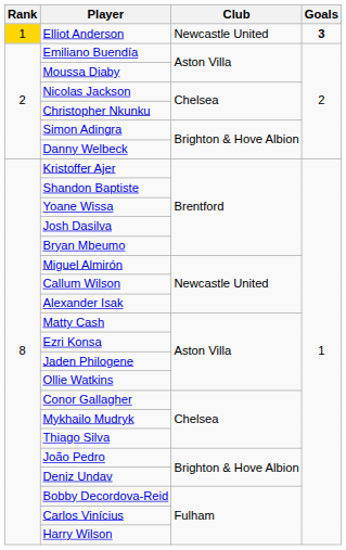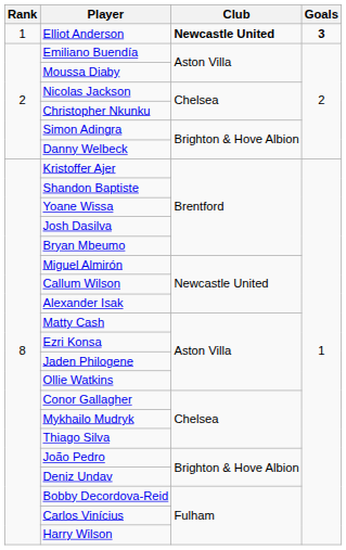 <table class="wikitable" style="text-align:center">
 <tr>
 <th>Rank</th>
 <th>Player</th>
 <th>Club</th>
 <th>Goals</th>
 </tr>
 <tr>
-<td style="background: gold;">1</td>
+<td>1</td>
 <td align="left"> <a href='#'>Elliot Anderson</a></td>
-<td align="left">Newcastle United</td>
+<td align="left"><strong>Newcastle United</strong></td>
 <td><strong>3</strong></td>
 </tr>
 <tr>
 <td rowspan="6">2</td>
 <td align="left"> <a href='#'>Emiliano Buendía</a></td>
 <td rowspan="2" align="left">Aston Villa</td>
 <td rowspan="6">2</td>
 </tr>
 <tr>
 <td align="left"> <a href='#'>Moussa Diaby</a></td>
 </tr>
 <tr>
 <td align="left"> <a href='#'>Nicolas Jackson</a></td>
 <td rowspan="2" align="left">Chelsea</td>
 </tr>
 <tr>
 <td align="left"> <a href='#'>Christopher Nkunku</a></td>
 </tr>
 <tr>
 <td align="left"> <a href='#'>Simon Adingra</a></td>
 <td rowspan="2">Brighton & Hove Albion</td>
 </tr>
 <tr>
 <td align="left"> <a href='#'>Danny Welbeck</a></td>
 </tr>
 <tr>
 <td rowspan="20">8</td>
 <td align="left"> <a href='#'>Kristoffer Ajer</a></td>
 <td rowspan="5" align="left">Brentford</td>
 <td rowspan="20">1</td>
 </tr>
 <tr>
 <td align="left"> <a href='#'>Shandon Baptiste</a></td>
 </tr>
 <tr>
 <td align="left"> <a href='#'>Yoane Wissa</a></td>
 </tr>
 <tr>
 <td align="left"> <a href='#'>Josh Dasilva</a></td>
 </tr>
 <tr>
 <td align="left"> <a href='#'>Bryan Mbeumo</a></td>
 </tr>
 <tr>
 <td align="left"> <a href='#'>Miguel Almirón</a></td>
 <td rowspan="3" align="left">Newcastle United</td>
 </tr>
 <tr>
 <td align="left"> <a href='#'>Callum Wilson</a></td>
 </tr>
 <tr>
 <td align="left"> <a href='#'>Alexander Isak</a></td>
 </tr>
 <tr>
 <td align="left"> <a href='#'>Matty Cash</a></td>
 <td rowspan="4" align="left">Aston Villa</td>
 </tr>
 <tr>
 <td align="left"> <a href='#'>Ezri Konsa</a></td>
 </tr>
 <tr>
 <td align="left"> <a href='#'>Jaden Philogene</a></td>
 </tr>
 <tr>
 <td align="left"> <a href='#'>Ollie Watkins</a></td>
 </tr>
 <tr>
 <td align="left"> <a href='#'>Conor Gallagher</a></td>
 <td rowspan="3" align="left">Chelsea</td>
 </tr>
 <tr>
 <td align="left"> <a href='#'>Mykhailo Mudryk</a></td>
 </tr>
 <tr>
 <td align="left"> <a href='#'>Thiago Silva</a></td>
 </tr>
 <tr>
 <td align="left"> <a href='#'>João Pedro</a></td>
 <td rowspan="2" align="left">Brighton & Hove Albion</td>
 </tr>
 <tr>
 <td align="left"> <a href='#'>Deniz Undav</a></td>
 </tr>
 <tr>
 <td align="left"> <a href='#'>Bobby Decordova-Reid</a></td>
 <td rowspan="3" align="left">Fulham</td>
 </tr>
 <tr>
 <td align="left"> <a href='#'>Carlos Vinícius</a></td>
 </tr>
 <tr>
 <td align="left"> <a href='#'>Harry Wilson</a></td>
 </tr>
 </table>
